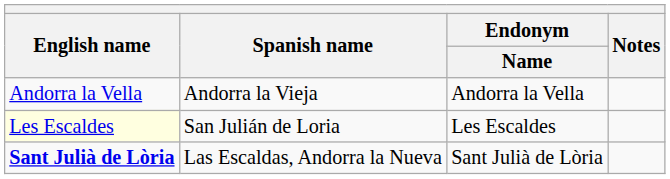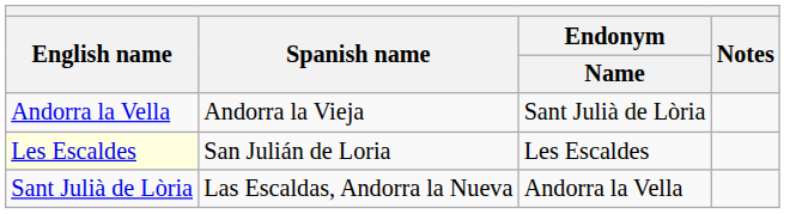 <table class="wikitable sortable">
 <tr>
 <th colspan="4"></th>
 </tr>
 <tr>
 <th rowspan="2">English name</th>
 <th rowspan="2">Spanish name</th>
 <th>Endonym</th>
 <th rowspan="2">Notes</th>
 </tr>
 <tr>
 <th>Name</th>
 </tr>
 <tr>
 <td><a href='#'>Andorra la Vella</a></td>
 <td>Andorra la Vieja</td>
-<td>Andorra la Vella</td>
+<td>Sant Julià de Lòria</td>
 <td></td>
 </tr>
 <tr>
 <td style="background: lightyellow;"><a href='#'>Les Escaldes</a></td>
 <td>San Julián de Loria</td>
 <td>Les Escaldes</td>
 <td></td>
 </tr>
 <tr>
-<td><strong><a href='#'>Sant Julià de Lòria</a></strong></td>
+<td><a href='#'>Sant Julià de Lòria</a></td>
 <td>Las Escaldas, Andorra la Nueva</td>
-<td>Sant Julià de Lòria</td>
+<td>Andorra la Vella</td>
 <td></td>
 </tr>
 </table>
